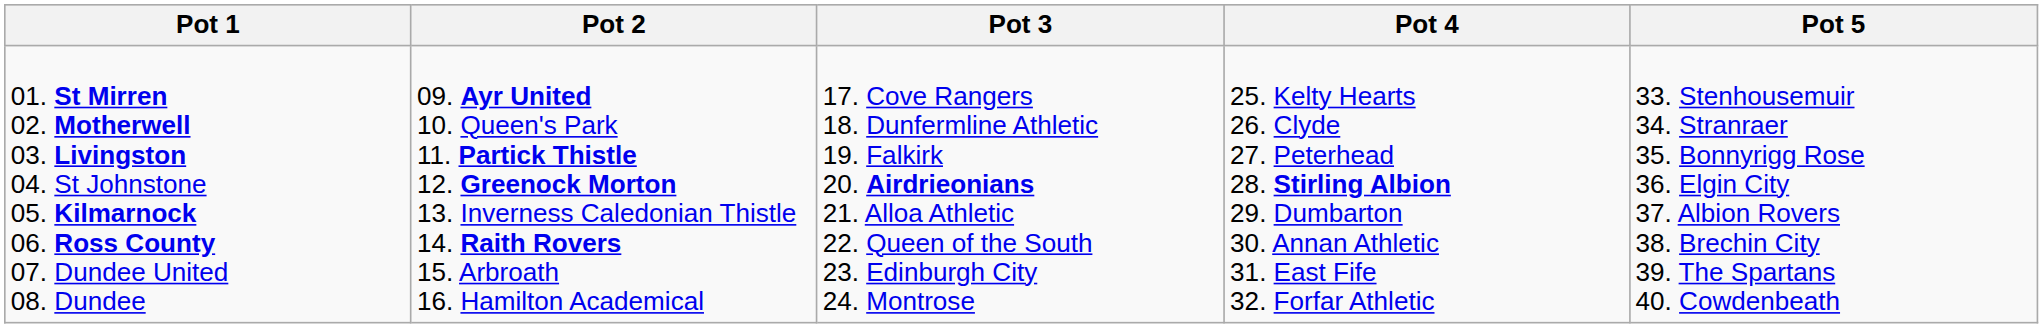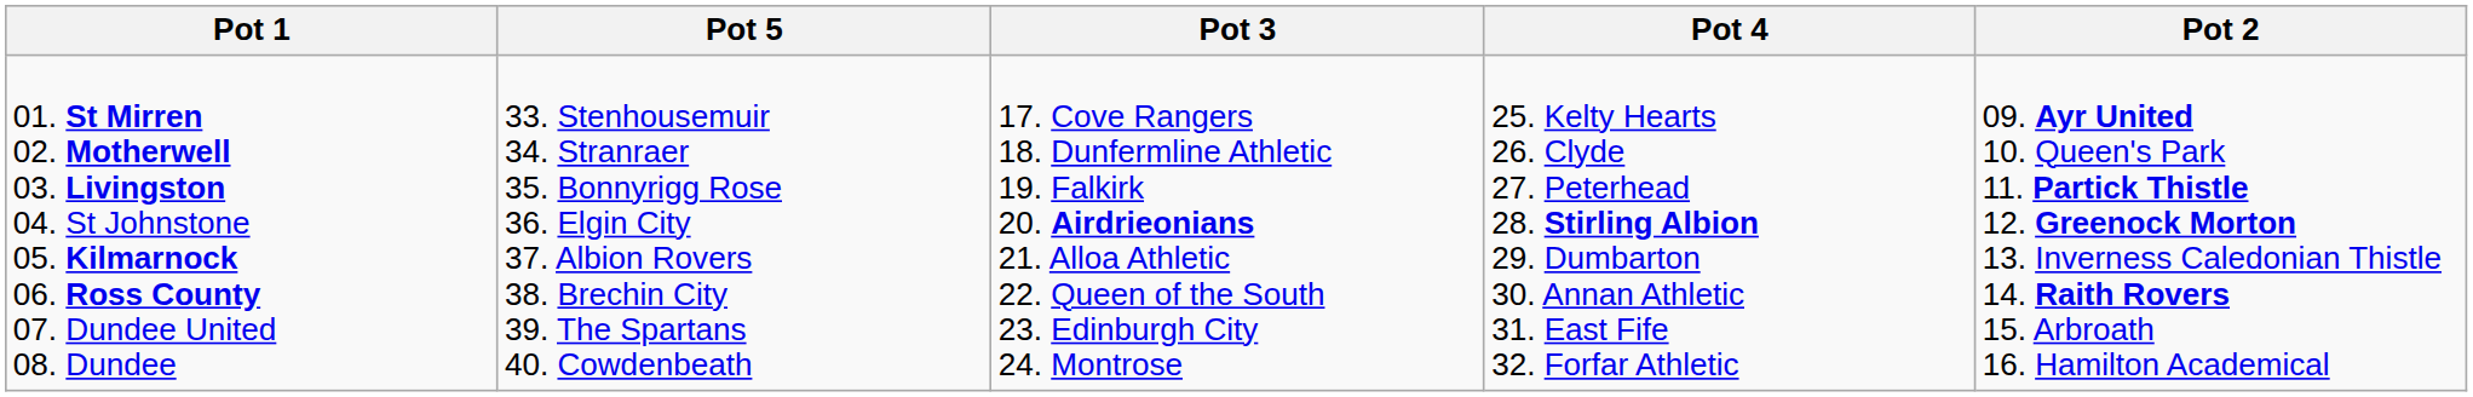 <table class="wikitable">
 <tr>
 <th style="width:250px;">Pot 1</th>
-<th style="width:250px;">Pot 2</th>
+<th style="width:250px;">Pot 5</th>
 <th style="width:250px;">Pot 3</th>
 <th style="width:250px;">Pot 4</th>
-<th style="width:250px;">Pot 5</th>
+<th style="width:250px;">Pot 2</th>
 </tr>
 <tr>
 <td valign=top><br>01. <strong><a href='#'>St Mirren</a></strong><br> 02. <strong><a href='#'>Motherwell</a></strong><br> 03. <strong><a href='#'>Livingston</a></strong><br> 04. <a href='#'>St Johnstone</a><br> 05. <strong><a href='#'>Kilmarnock</a></strong><br> 06. <strong><a href='#'>Ross County</a></strong><br> 07. <a href='#'>Dundee United</a><br> 08. <a href='#'>Dundee</a></td>
-<td valign=top><br>09. <strong><a href='#'>Ayr United</a></strong><br> 10. <a href='#'>Queen's Park</a><br> 11. <strong><a href='#'>Partick Thistle</a></strong><br> 12. <strong><a href='#'>Greenock Morton</a></strong><br> 13. <a href='#'>Inverness Caledonian Thistle</a><br> 14. <strong><a href='#'>Raith Rovers</a></strong><br> 15. <a href='#'>Arbroath</a><br> 16. <a href='#'>Hamilton Academical</a></td>
+<td valign=top><br>33. <a href='#'>Stenhousemuir</a><br> 34. <a href='#'>Stranraer</a><br> 35. <a href='#'>Bonnyrigg Rose</a><br> 36. <a href='#'>Elgin City</a><br> 37. <a href='#'>Albion Rovers</a><br> 38. <a href='#'>Brechin City</a><br> 39. <a href='#'>The Spartans</a><br> 40. <a href='#'>Cowdenbeath</a></td>
 <td valign=top><br>17. <a href='#'>Cove Rangers</a><br> 18. <a href='#'>Dunfermline Athletic</a><br> 19. <a href='#'>Falkirk</a><br> 20. <strong><a href='#'>Airdrieonians</a></strong><br> 21. <a href='#'>Alloa Athletic</a><br> 22. <a href='#'>Queen of the South</a><br> 23. <a href='#'>Edinburgh City</a><br> 24. <a href='#'>Montrose</a></td>
 <td valign=top><br>25. <a href='#'>Kelty Hearts</a><br> 26. <a href='#'>Clyde</a><br> 27. <a href='#'>Peterhead</a><br> 28. <strong><a href='#'>Stirling Albion</a></strong><br> 29. <a href='#'>Dumbarton</a><br> 30. <a href='#'>Annan Athletic</a><br> 31. <a href='#'>East Fife</a><br> 32. <a href='#'>Forfar Athletic</a></td>
-<td valign=top><br>33. <a href='#'>Stenhousemuir</a><br> 34. <a href='#'>Stranraer</a><br> 35. <a href='#'>Bonnyrigg Rose</a><br> 36. <a href='#'>Elgin City</a><br> 37. <a href='#'>Albion Rovers</a><br> 38. <a href='#'>Brechin City</a><br> 39. <a href='#'>The Spartans</a><br> 40. <a href='#'>Cowdenbeath</a></td>
+<td valign=top><br>09. <strong><a href='#'>Ayr United</a></strong><br> 10. <a href='#'>Queen's Park</a><br> 11. <strong><a href='#'>Partick Thistle</a></strong><br> 12. <strong><a href='#'>Greenock Morton</a></strong><br> 13. <a href='#'>Inverness Caledonian Thistle</a><br> 14. <strong><a href='#'>Raith Rovers</a></strong><br> 15. <a href='#'>Arbroath</a><br> 16. <a href='#'>Hamilton Academical</a></td>
 </tr>
 </table>
